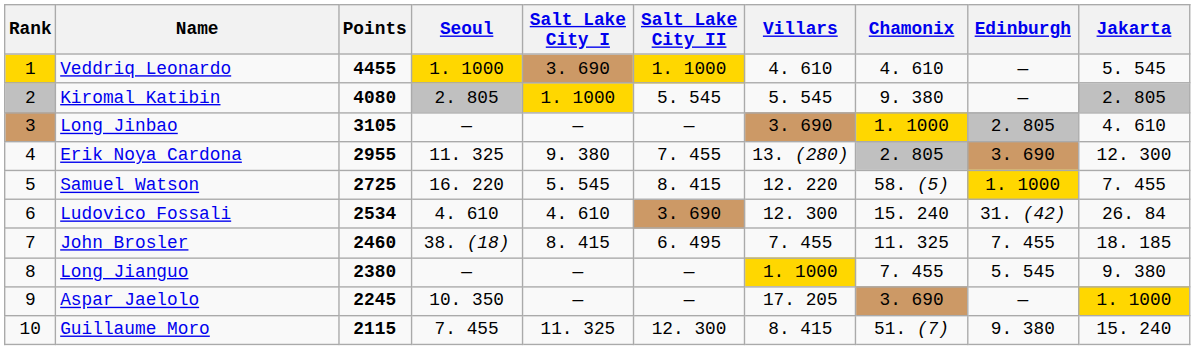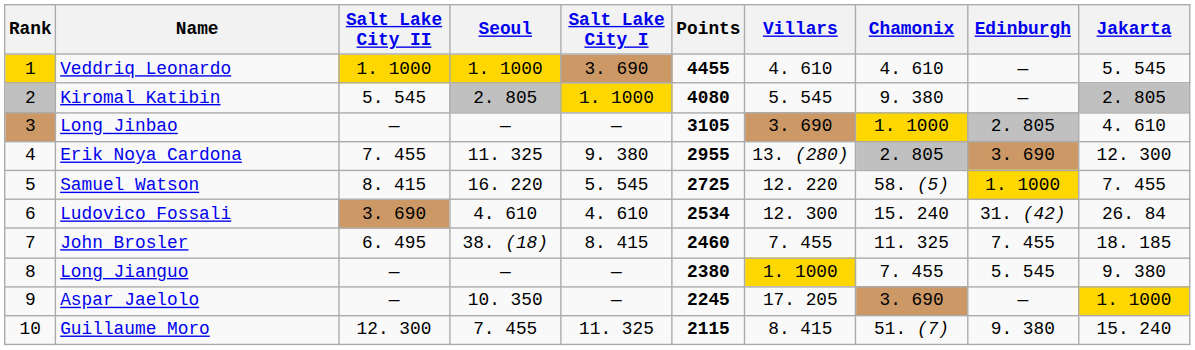 <table class="wikitable sortable">
 <tr>
 <th>Rank</th>
 <th width = "200">Name</th>
-<th>Points</th>
+<th width = "75" data-sort-type="number"><a href='#'>Salt Lake City II</a></th>
 <th width = "75" data-sort-type="number"><a href='#'>Seoul</a></th>
 <th width = "75" data-sort-type="number"><a href='#'>Salt Lake City I</a></th>
-<th width = "75" data-sort-type="number"><a href='#'>Salt Lake City II</a></th>
+<th>Points</th>
 <th width = "75" data-sort-type="number"><a href='#'>Villars</a></th>
 <th width = "75" data-sort-type="number"><a href='#'>Chamonix</a></th>
 <th width = "75" data-sort-type="number"><a href='#'>Edinburgh</a></th>
 <th width = "75" data-sort-type="number"><a href='#'>Jakarta</a></th>
 </tr>
 <tr>
 <td align="center" style="background: gold">1</td>
 <td> <a href='#'>Veddriq Leonardo</a></td>
-<td align="center"><strong>4455</strong></td>
+<td align="center" style="background: gold">1. 1000</td>
 <td align="center" style="background: gold">1. 1000</td>
 <td align="center" style="background: #cc9966">3. 690</td>
-<td align="center" style="background: gold">1. 1000</td>
+<td align="center"><strong>4455</strong></td>
 <td align="center">4. 610</td>
 <td align="center">4. 610</td>
 <td align="center">—</td>
 <td align="center">5. 545</td>
 </tr>
 <tr>
 <td align="center" style="background: silver">2</td>
 <td> <a href='#'>Kiromal Katibin</a></td>
-<td align="center"><strong>4080</strong></td>
+<td align="center">5. 545</td>
 <td align="center" style="background: silver">2. 805</td>
 <td align="center" style="background: gold">1. 1000</td>
-<td align="center">5. 545</td>
+<td align="center"><strong>4080</strong></td>
 <td align="center">5. 545</td>
 <td align="center">9. 380</td>
 <td align="center">—</td>
 <td align="center" style="background: silver">2. 805</td>
 </tr>
 <tr>
 <td align="center" style="background: #cc9966">3</td>
 <td> <a href='#'>Long Jinbao</a></td>
-<td align="center"><strong>3105</strong></td>
 <td align="center">—</td>
 <td align="center">—</td>
 <td align="center">—</td>
+<td align="center"><strong>3105</strong></td>
 <td align="center" style="background: #cc9966">3. 690</td>
 <td align="center" style="background: gold">1. 1000</td>
 <td align="center" style="background: silver">2. 805</td>
 <td align="center">4. 610</td>
 </tr>
 <tr>
 <td align="center">4</td>
 <td> <a href='#'>Erik Noya Cardona</a></td>
-<td align="center"><strong>2955</strong></td>
+<td align="center">7. 455</td>
 <td align="center">11. 325</td>
 <td align="center">9. 380</td>
-<td align="center">7. 455</td>
+<td align="center"><strong>2955</strong></td>
 <td align="center">13. <em>(280)</em></td>
 <td align="center" style="background: silver">2. 805</td>
 <td align="center" style="background: #cc9966">3. 690</td>
 <td align="center">12. 300</td>
 </tr>
 <tr>
 <td align="center">5</td>
 <td> <a href='#'>Samuel Watson</a></td>
-<td align="center"><strong>2725</strong></td>
+<td align="center">8. 415</td>
 <td align="center">16. 220</td>
 <td align="center">5. 545</td>
-<td align="center">8. 415</td>
+<td align="center"><strong>2725</strong></td>
 <td align="center">12. 220</td>
 <td align="center">58. <em>(5)</em></td>
 <td align="center" style="background: gold">1. 1000</td>
 <td align="center">7. 455</td>
 </tr>
 <tr>
 <td align="center">6</td>
 <td> <a href='#'>Ludovico Fossali</a></td>
-<td align="center"><strong>2534</strong></td>
+<td align="center" style="background: #cc9966">3. 690</td>
 <td align="center">4. 610</td>
 <td align="center">4. 610</td>
-<td align="center" style="background: #cc9966">3. 690</td>
+<td align="center"><strong>2534</strong></td>
 <td align="center">12. 300</td>
 <td align="center">15. 240</td>
 <td align="center">31. <em>(42)</em></td>
 <td align="center">26. 84</td>
 </tr>
 <tr>
 <td align="center">7</td>
 <td> <a href='#'>John Brosler</a></td>
-<td align="center"><strong>2460</strong></td>
+<td align="center">6. 495</td>
 <td align="center">38. <em>(18)</em></td>
 <td align="center">8. 415</td>
-<td align="center">6. 495</td>
+<td align="center"><strong>2460</strong></td>
 <td align="center">7. 455</td>
 <td align="center">11. 325</td>
 <td align="center">7. 455</td>
 <td align="center">18. 185</td>
 </tr>
 <tr>
 <td align="center">8</td>
 <td> <a href='#'>Long Jianguo</a></td>
-<td align="center"><strong>2380</strong></td>
 <td align="center">—</td>
 <td align="center">—</td>
 <td align="center">—</td>
+<td align="center"><strong>2380</strong></td>
 <td align="center" style="background: gold">1. 1000</td>
 <td align="center">7. 455</td>
 <td align="center">5. 545</td>
 <td align="center">9. 380</td>
 </tr>
 <tr>
 <td align="center">9</td>
 <td> <a href='#'>Aspar Jaelolo</a></td>
-<td align="center"><strong>2245</strong></td>
+<td align="center">—</td>
 <td align="center">10. 350</td>
 <td align="center">—</td>
-<td align="center">—</td>
+<td align="center"><strong>2245</strong></td>
 <td align="center">17. 205</td>
 <td align="center" style="background: #cc9966">3. 690</td>
 <td align="center">—</td>
 <td align="center" style="background: gold">1. 1000</td>
 </tr>
 <tr>
 <td align="center">10</td>
 <td> <a href='#'>Guillaume Moro</a></td>
-<td align="center"><strong>2115</strong></td>
+<td align="center">12. 300</td>
 <td align="center">7. 455</td>
 <td align="center">11. 325</td>
-<td align="center">12. 300</td>
+<td align="center"><strong>2115</strong></td>
 <td align="center">8. 415</td>
 <td align="center">51. <em>(7)</em></td>
 <td align="center">9. 380</td>
 <td align="center">15. 240</td>
 </tr>
 </table>
